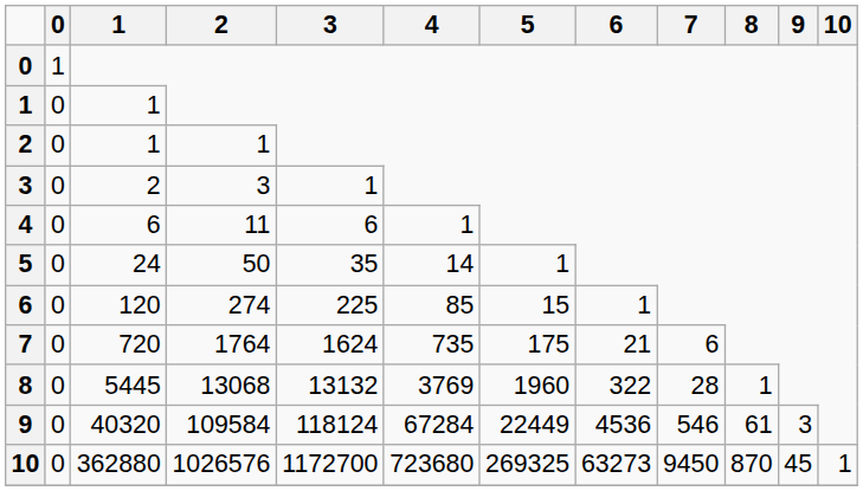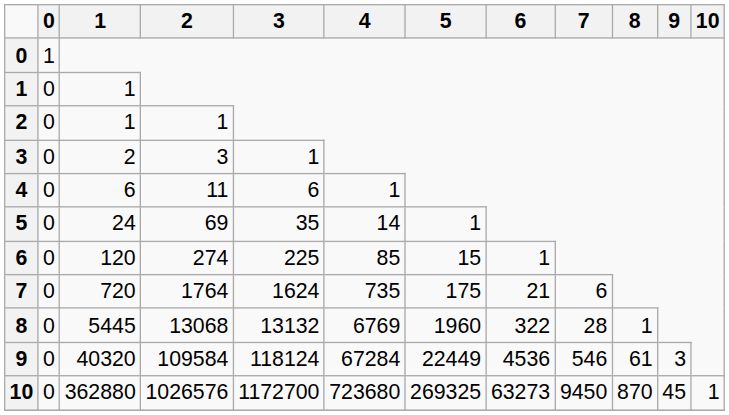 <table cellspacing="0" cellpadding="5" style="text-align:right;" class="wikitable">
 <tr>
 <td></td>
 <th>0</th>
 <th>1</th>
 <th>2</th>
 <th>3</th>
 <th>4</th>
 <th>5</th>
 <th>6</th>
 <th>7</th>
 <th>8</th>
 <th>9</th>
 <th>10</th>
 </tr>
 <tr>
 <th>0</th>
 <td>1</td>
 </tr>
 <tr>
 <th>1</th>
 <td>0</td>
 <td>1</td>
 </tr>
 <tr>
 <th>2</th>
 <td>0</td>
 <td>1</td>
 <td>1</td>
 </tr>
 <tr>
 <th>3</th>
 <td>0</td>
 <td>2</td>
 <td>3</td>
 <td>1</td>
 </tr>
 <tr>
 <th>4</th>
 <td>0</td>
 <td>6</td>
 <td>11</td>
 <td>6</td>
 <td>1</td>
 </tr>
 <tr>
 <th>5</th>
 <td>0</td>
 <td>24</td>
-<td>50</td>
+<td>69</td>
 <td>35</td>
 <td>14</td>
 <td>1</td>
 </tr>
 <tr>
 <th>6</th>
 <td>0</td>
 <td>120</td>
 <td>274</td>
 <td>225</td>
 <td>85</td>
 <td>15</td>
 <td>1</td>
 </tr>
 <tr>
 <th>7</th>
 <td>0</td>
 <td>720</td>
 <td>1764</td>
 <td>1624</td>
 <td>735</td>
 <td>175</td>
 <td>21</td>
 <td>6</td>
 </tr>
 <tr>
 <th>8</th>
 <td>0</td>
 <td>5445</td>
 <td>13068</td>
 <td>13132</td>
-<td>3769</td>
+<td>6769</td>
 <td>1960</td>
 <td>322</td>
 <td>28</td>
 <td>1</td>
 </tr>
 <tr>
 <th>9</th>
 <td>0</td>
 <td>40320</td>
 <td>109584</td>
 <td>118124</td>
 <td>67284</td>
 <td>22449</td>
 <td>4536</td>
 <td>546</td>
 <td>61</td>
 <td>3</td>
 </tr>
 <tr>
 <th>10</th>
 <td>0</td>
 <td>362880</td>
 <td>1026576</td>
 <td>1172700</td>
 <td>723680</td>
 <td>269325</td>
 <td>63273</td>
 <td>9450</td>
 <td>870</td>
 <td>45</td>
 <td>1</td>
 </tr>
 <tr>
 </tr>
 </table>
